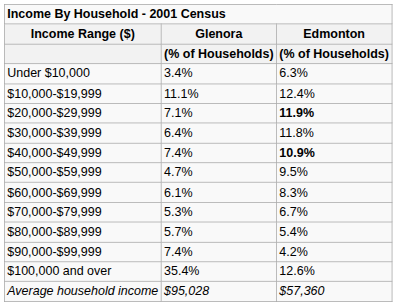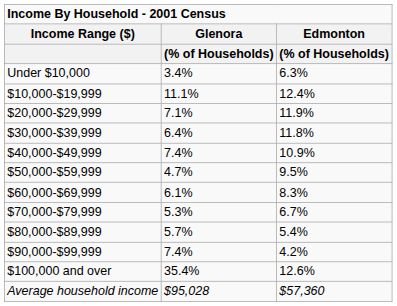 <table class="wikitable">
 <tr>
 <td colspan="3"><strong>Income By Household - 2001 Census</strong></td>
 </tr>
 <tr>
 <th>Income Range ($)</th>
 <th>Glenora</th>
 <th>Edmonton</th>
 </tr>
 <tr>
 <th></th>
 <th>(% of Households)</th>
 <th>(% of Households)</th>
 </tr>
 <tr>
 <td>Under $10,000</td>
 <td>3.4%</td>
 <td>6.3%</td>
 </tr>
 <tr>
 <td>$10,000-$19,999</td>
 <td>11.1%</td>
 <td>12.4%</td>
 </tr>
 <tr>
 <td>$20,000-$29,999</td>
 <td>7.1%</td>
-<td><strong>11.9%</strong></td>
+<td>11.9%</td>
 </tr>
 <tr>
 <td>$30,000-$39,999</td>
 <td>6.4%</td>
 <td>11.8%</td>
 </tr>
 <tr>
 <td>$40,000-$49,999</td>
 <td>7.4%</td>
-<td><strong>10.9%</strong></td>
+<td>10.9%</td>
 </tr>
 <tr>
 <td>$50,000-$59,999</td>
 <td>4.7%</td>
 <td>9.5%</td>
 </tr>
 <tr>
 <td>$60,000-$69,999</td>
 <td>6.1%</td>
 <td>8.3%</td>
 </tr>
 <tr>
 <td>$70,000-$79,999</td>
 <td>5.3%</td>
 <td>6.7%</td>
 </tr>
 <tr>
 <td>$80,000-$89,999</td>
 <td>5.7%</td>
 <td>5.4%</td>
 </tr>
 <tr>
 <td>$90,000-$99,999</td>
 <td>7.4%</td>
 <td>4.2%</td>
 </tr>
 <tr>
 <td>$100,000 and over</td>
 <td>35.4%</td>
 <td>12.6%</td>
 </tr>
 <tr>
 <td><em>Average household income</em></td>
 <td><em>$95,028</em></td>
 <td><em>$57,360</em></td>
 </tr>
 </table>
